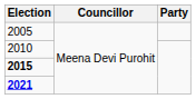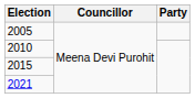 <table class="wikitable"ìÍĦĤĠčw>
 <tr>
 <th>Election</th>
 <th>Councillor</th>
 <th colspan=2>Party</th>
 </tr>
 <tr>
 <td>2005</td>
 <td rowspan=4>Meena Devi Purohit</td>
 <td></td>
 </tr>
 <tr>
 <td>2010</td>
 </tr>
 <tr>
-<td><strong>2015</strong></td>
+<td>2015</td>
 </tr>
 <tr>
-<td><strong><a href='#'>2021</a></strong></td>
+<td><a href='#'>2021</a></td>
 </tr>
 </table>
